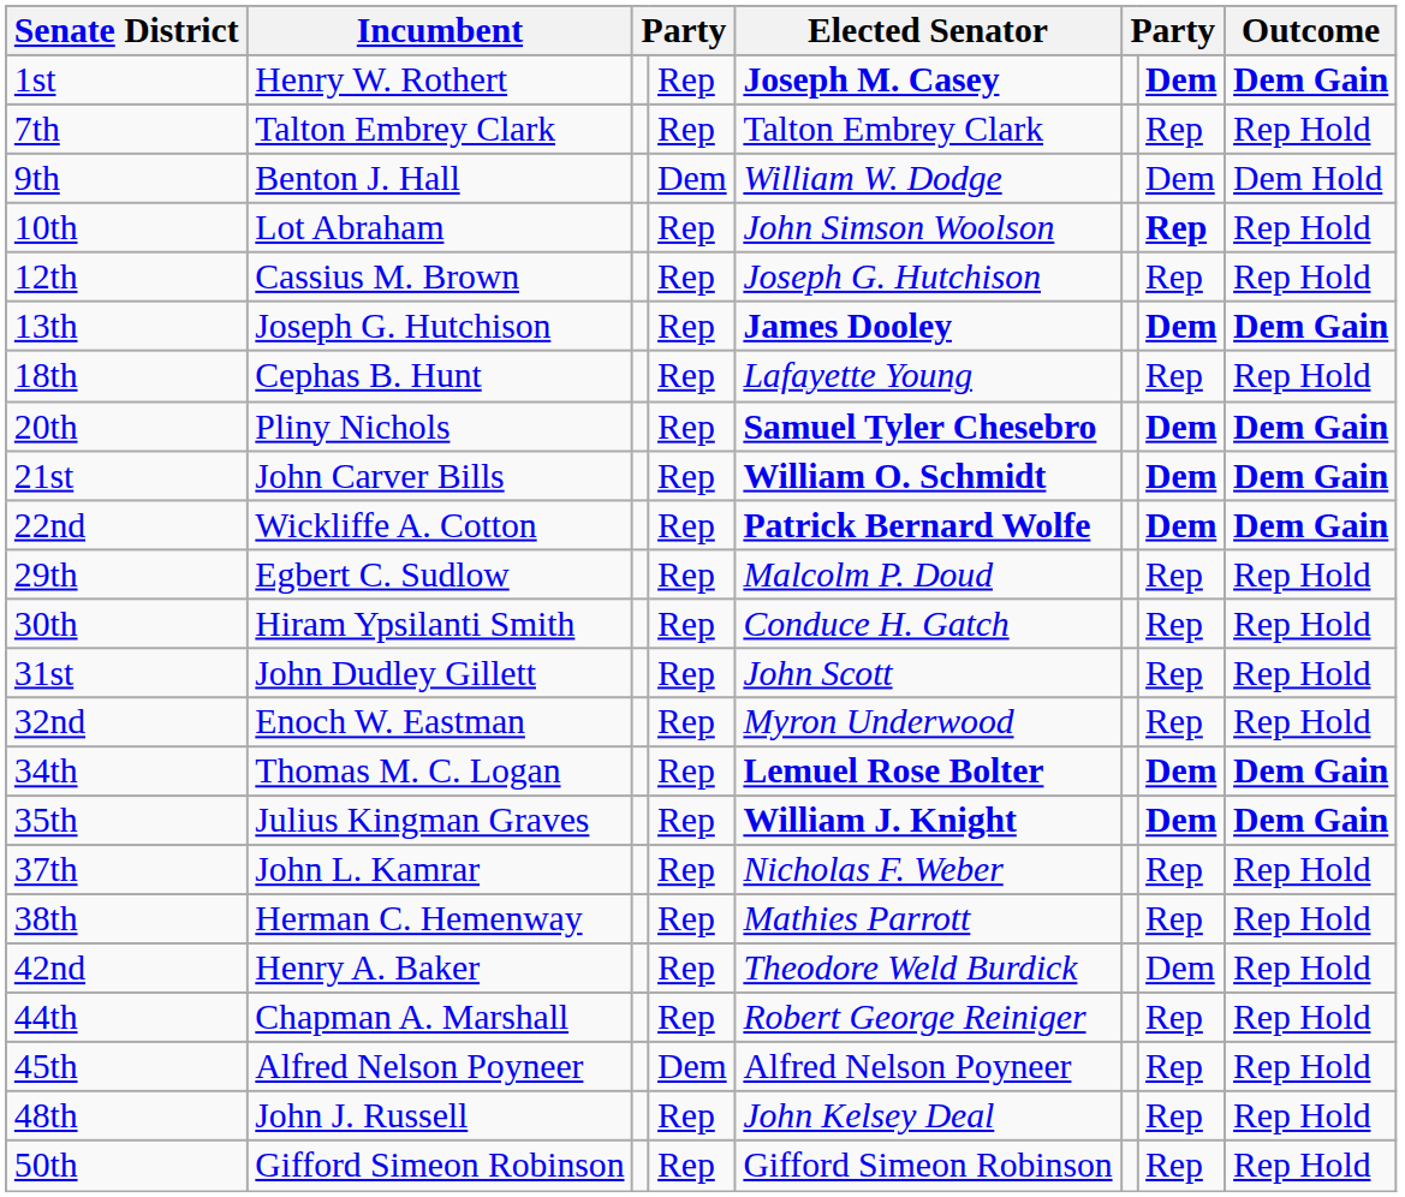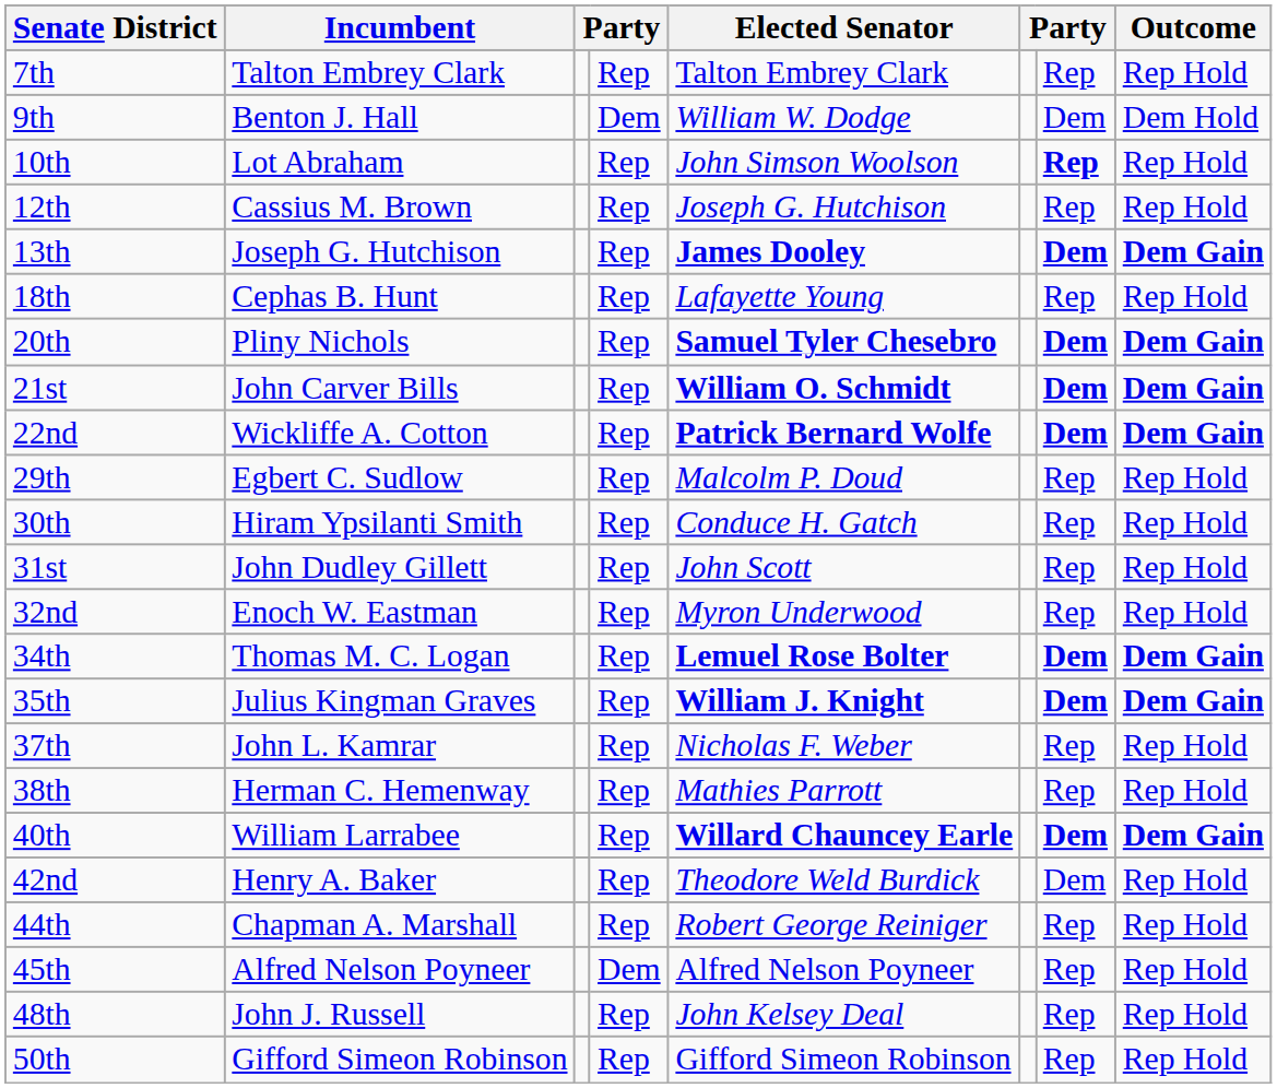 <table class="sortable wikitable" style="font-size:95%;line-height:14px;">
 <tr>
 <th class="sortable"><a href='#'>Senate</a> District</th>
 <th class="sortable"><a href='#'>Incumbent</a></th>
 <th colspan="2">Party</th>
 <th class="sortable">Elected Senator</th>
 <th colspan="2">Party</th>
 <th class="sortable">Outcome</th>
-</tr>
-<tr>
-<td><a href='#'>1st</a></td>
-<td><a href='#'>Henry W. Rothert</a></td>
-<td style="background:"></td>
-<td><a href='#'>Rep</a></td>
-<td><strong><a href='#'>Joseph M. Casey</a></strong></td>
-<td style="background:"></td>
-<td><strong><a href='#'>Dem</a></strong></td>
-<td><strong><a href='#'>Dem Gain</a></strong></td>
 </tr>
 <tr>
 <td><a href='#'>7th</a></td>
 <td><a href='#'>Talton Embrey Clark</a></td>
 <td style="background:"></td>
 <td><a href='#'>Rep</a></td>
 <td><a href='#'>Talton Embrey Clark</a></td>
 <td style="background:"></td>
 <td><a href='#'>Rep</a></td>
 <td><a href='#'>Rep Hold</a></td>
 </tr>
 <tr>
 <td><a href='#'>9th</a></td>
 <td><a href='#'>Benton J. Hall</a></td>
 <td style="background:"></td>
 <td><a href='#'>Dem</a></td>
 <td><em><a href='#'>William W. Dodge</a></em></td>
 <td style="background:"></td>
 <td><a href='#'>Dem</a></td>
 <td><a href='#'>Dem Hold</a></td>
 </tr>
 <tr>
 <td><a href='#'>10th</a></td>
 <td><a href='#'>Lot Abraham</a></td>
 <td style="background:"></td>
 <td><a href='#'>Rep</a></td>
 <td><em><a href='#'>John Simson Woolson</a></em></td>
 <td style="background:"></td>
 <td><strong><a href='#'>Rep</a></strong></td>
 <td><a href='#'>Rep Hold</a></td>
 </tr>
 <tr>
 <td><a href='#'>12th</a></td>
 <td><a href='#'>Cassius M. Brown</a></td>
 <td style="background:"></td>
 <td><a href='#'>Rep</a></td>
 <td><em><a href='#'>Joseph G. Hutchison</a></em></td>
 <td style="background:"></td>
 <td><a href='#'>Rep</a></td>
 <td><a href='#'>Rep Hold</a></td>
 </tr>
 <tr>
 <td><a href='#'>13th</a></td>
 <td><a href='#'>Joseph G. Hutchison</a></td>
 <td style="background:"></td>
 <td><a href='#'>Rep</a></td>
 <td><strong><a href='#'>James Dooley</a></strong></td>
 <td style="background:"></td>
 <td><strong><a href='#'>Dem</a></strong></td>
 <td><strong><a href='#'>Dem Gain</a></strong></td>
 </tr>
 <tr>
 <td><a href='#'>18th</a></td>
 <td><a href='#'>Cephas B. Hunt</a></td>
 <td style="background:"></td>
 <td><a href='#'>Rep</a></td>
 <td><em><a href='#'>Lafayette Young</a></em></td>
 <td style="background:"></td>
 <td><a href='#'>Rep</a></td>
 <td><a href='#'>Rep Hold</a></td>
 </tr>
 <tr>
 <td><a href='#'>20th</a></td>
 <td><a href='#'>Pliny Nichols</a></td>
 <td style="background:"></td>
 <td><a href='#'>Rep</a></td>
 <td><strong><a href='#'>Samuel Tyler Chesebro</a></strong></td>
 <td style="background:"></td>
 <td><strong><a href='#'>Dem</a></strong></td>
 <td><strong><a href='#'>Dem Gain</a></strong></td>
 </tr>
 <tr>
 <td><a href='#'>21st</a></td>
 <td><a href='#'>John Carver Bills</a></td>
 <td style="background:"></td>
 <td><a href='#'>Rep</a></td>
 <td><strong><a href='#'>William O. Schmidt</a></strong></td>
 <td style="background:"></td>
 <td><strong><a href='#'>Dem</a></strong></td>
 <td><strong><a href='#'>Dem Gain</a></strong></td>
 </tr>
 <tr>
 <td><a href='#'>22nd</a></td>
 <td><a href='#'>Wickliffe A. Cotton</a></td>
 <td style="background:"></td>
 <td><a href='#'>Rep</a></td>
 <td><strong><a href='#'>Patrick Bernard Wolfe</a></strong></td>
 <td style="background:"></td>
 <td><strong><a href='#'>Dem</a></strong></td>
 <td><strong><a href='#'>Dem Gain</a></strong></td>
 </tr>
 <tr>
 <td><a href='#'>29th</a></td>
 <td><a href='#'>Egbert C. Sudlow</a></td>
 <td style="background:"></td>
 <td><a href='#'>Rep</a></td>
 <td><em><a href='#'>Malcolm P. Doud</a></em></td>
 <td style="background:"></td>
 <td><a href='#'>Rep</a></td>
 <td><a href='#'>Rep Hold</a></td>
 </tr>
 <tr>
 <td><a href='#'>30th</a></td>
 <td><a href='#'>Hiram Ypsilanti Smith</a></td>
 <td style="background:"></td>
 <td><a href='#'>Rep</a></td>
 <td><em><a href='#'>Conduce H. Gatch</a></em></td>
 <td style="background:"></td>
 <td><a href='#'>Rep</a></td>
 <td><a href='#'>Rep Hold</a></td>
 </tr>
 <tr>
 <td><a href='#'>31st</a></td>
 <td><a href='#'>John Dudley Gillett</a></td>
 <td style="background:"></td>
 <td><a href='#'>Rep</a></td>
 <td><em><a href='#'>John Scott</a></em></td>
 <td style="background:"></td>
 <td><a href='#'>Rep</a></td>
 <td><a href='#'>Rep Hold</a></td>
 </tr>
 <tr>
 <td><a href='#'>32nd</a></td>
 <td><a href='#'>Enoch W. Eastman</a></td>
 <td style="background:"></td>
 <td><a href='#'>Rep</a></td>
 <td><em><a href='#'>Myron Underwood</a></em></td>
 <td style="background:"></td>
 <td><a href='#'>Rep</a></td>
 <td><a href='#'>Rep Hold</a></td>
 </tr>
 <tr>
 <td><a href='#'>34th</a></td>
 <td><a href='#'>Thomas M. C. Logan</a></td>
 <td style="background:"></td>
 <td><a href='#'>Rep</a></td>
 <td><strong><a href='#'>Lemuel Rose Bolter</a></strong></td>
 <td style="background:"></td>
 <td><strong><a href='#'>Dem</a></strong></td>
 <td><strong><a href='#'>Dem Gain</a></strong></td>
 </tr>
 <tr>
 <td><a href='#'>35th</a></td>
 <td><a href='#'>Julius Kingman Graves</a></td>
 <td style="background:"></td>
 <td><a href='#'>Rep</a></td>
 <td><strong><a href='#'>William J. Knight</a></strong></td>
 <td style="background:"></td>
 <td><strong><a href='#'>Dem</a></strong></td>
 <td><strong><a href='#'>Dem Gain</a></strong></td>
 </tr>
 <tr>
 <td><a href='#'>37th</a></td>
 <td><a href='#'>John L. Kamrar</a></td>
 <td style="background:"></td>
 <td><a href='#'>Rep</a></td>
 <td><em><a href='#'>Nicholas F. Weber</a></em></td>
 <td style="background:"></td>
 <td><a href='#'>Rep</a></td>
 <td><a href='#'>Rep Hold</a></td>
 </tr>
 <tr>
 <td><a href='#'>38th</a></td>
 <td><a href='#'>Herman C. Hemenway</a></td>
 <td style="background:"></td>
 <td><a href='#'>Rep</a></td>
 <td><em><a href='#'>Mathies Parrott</a></em></td>
 <td style="background:"></td>
 <td><a href='#'>Rep</a></td>
 <td><a href='#'>Rep Hold</a></td>
 </tr>
 <tr>
+<td><a href='#'>40th</a></td>
+<td><a href='#'>William Larrabee</a></td>
+<td style="background:"></td>
+<td><a href='#'>Rep</a></td>
+<td><strong><a href='#'>Willard Chauncey Earle</a></strong></td>
+<td style="background:"></td>
+<td><strong><a href='#'>Dem</a></strong></td>
+<td><strong><a href='#'>Dem Gain</a></strong></td>
+</tr>
+<tr>
 <td><a href='#'>42nd</a></td>
 <td><a href='#'>Henry A. Baker</a></td>
 <td style="background:"></td>
 <td><a href='#'>Rep</a></td>
 <td><em><a href='#'>Theodore Weld Burdick</a></em></td>
 <td style="background:"></td>
 <td><a href='#'>Dem</a></td>
 <td><a href='#'>Rep Hold</a></td>
 </tr>
 <tr>
 <td><a href='#'>44th</a></td>
 <td><a href='#'>Chapman A. Marshall</a></td>
 <td style="background:"></td>
 <td><a href='#'>Rep</a></td>
 <td><em><a href='#'>Robert George Reiniger</a></em></td>
 <td style="background:"></td>
 <td><a href='#'>Rep</a></td>
 <td><a href='#'>Rep Hold</a></td>
 </tr>
 <tr>
 <td><a href='#'>45th</a></td>
 <td><a href='#'>Alfred Nelson Poyneer</a></td>
 <td style="background:"></td>
 <td><a href='#'>Dem</a></td>
 <td><a href='#'>Alfred Nelson Poyneer</a></td>
 <td style="background:"></td>
 <td><a href='#'>Rep</a></td>
 <td><a href='#'>Rep Hold</a></td>
 </tr>
 <tr>
 <td><a href='#'>48th</a></td>
 <td><a href='#'>John J. Russell</a></td>
 <td style="background:"></td>
 <td><a href='#'>Rep</a></td>
 <td><em><a href='#'>John Kelsey Deal</a></em></td>
 <td style="background:"></td>
 <td><a href='#'>Rep</a></td>
 <td><a href='#'>Rep Hold</a></td>
 </tr>
 <tr>
 <td><a href='#'>50th</a></td>
 <td><a href='#'>Gifford Simeon Robinson</a></td>
 <td style="background:"></td>
 <td><a href='#'>Rep</a></td>
 <td><a href='#'>Gifford Simeon Robinson</a></td>
 <td style="background:"></td>
 <td><a href='#'>Rep</a></td>
 <td><a href='#'>Rep Hold</a></td>
 </tr>
 <tr>
 </tr>
 </table>
